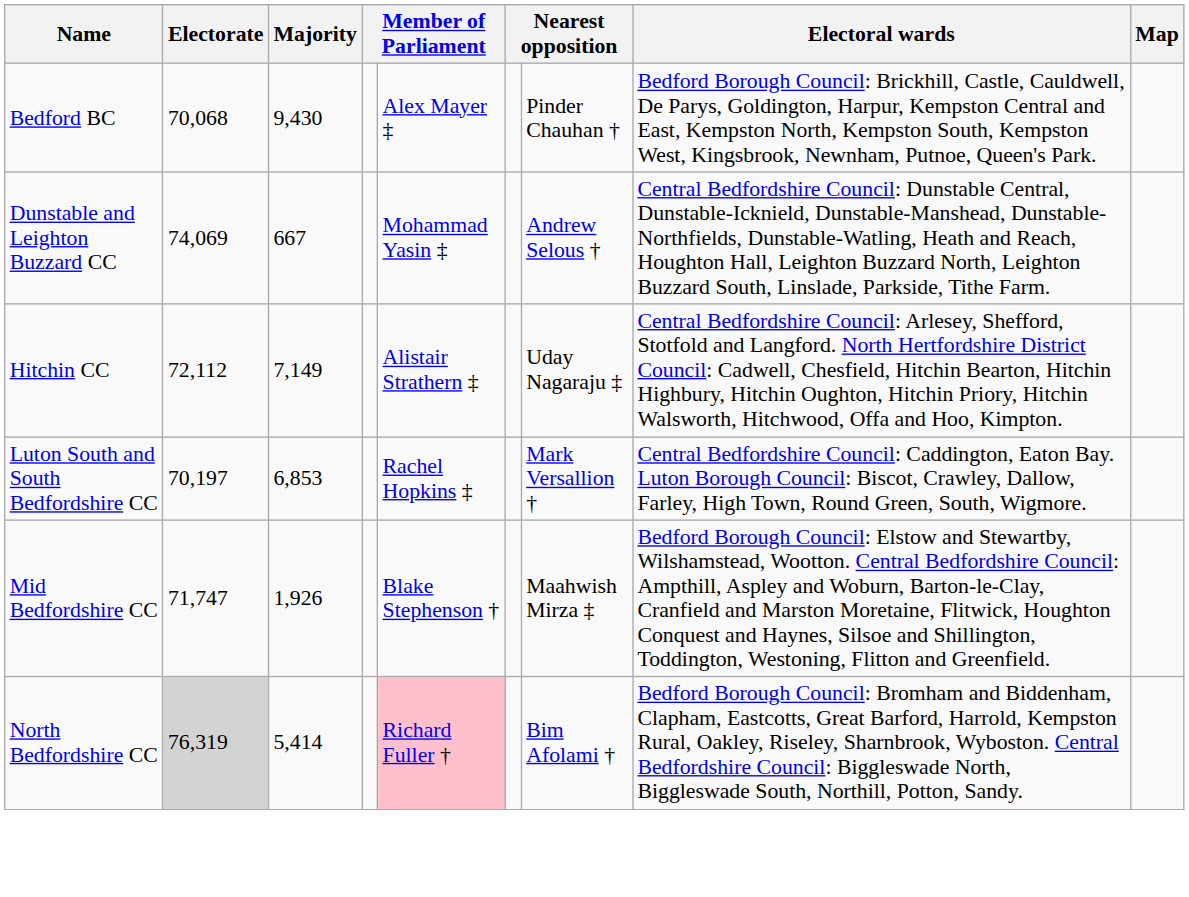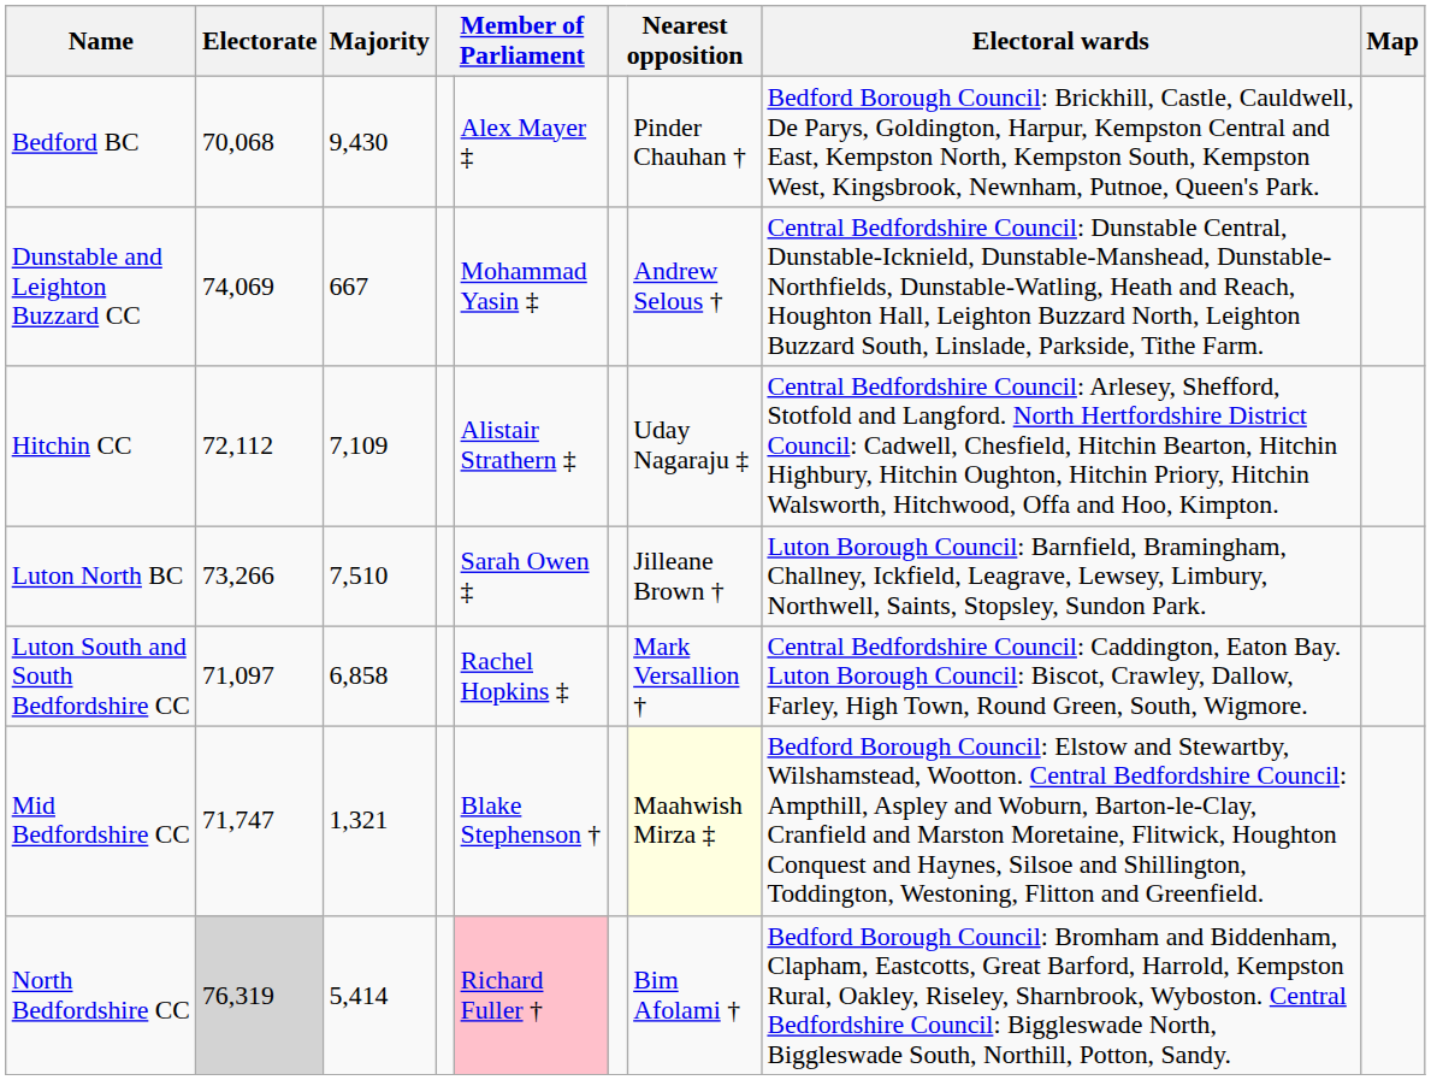 <table class="wikitable sortable">
 <tr>
 <th rowspan=1>Name</th>
 <th rowspan=1>Electorate</th>
 <th rowspan=1>Majority</th>
 <th colspan=2 class=unsortable><a href='#'>Member of Parliament</a></th>
 <th colspan=2 class=unsortable>Nearest opposition</th>
 <th rowspan=1 class=unsortable>Electoral wards</th>
 <th rowspan=1 class=unsortable>Map</th>
 </tr>
 <tr>
 <td><a href='#'>Bedford</a> BC</td>
 <td>70,068</td>
 <td>9,430</td>
 <td style="color:inherit;background:"> </td>
 <td><a href='#'>Alex Mayer</a> ‡</td>
 <td style="color:inherit;background:"> </td>
 <td>Pinder Chauhan †</td>
 <td><a href='#'>Bedford Borough Council</a>: Brickhill, Castle, Cauldwell, De Parys, Goldington, Harpur, Kempston Central and East, Kempston North, Kempston South, Kempston West, Kingsbrook, Newnham, Putnoe, Queen's Park.</td>
 <td></td>
 </tr>
 <tr>
 <td><a href='#'>Dunstable and Leighton Buzzard</a> CC</td>
 <td>74,069</td>
 <td>667</td>
 <td style="color:inherit;background:"> </td>
 <td><a href='#'>Mohammad Yasin</a> ‡</td>
 <td style="color:inherit;background:"> </td>
 <td><a href='#'>Andrew Selous</a> †</td>
 <td><a href='#'>Central Bedfordshire Council</a>: Dunstable Central, Dunstable-Icknield, Dunstable-Manshead, Dunstable-Northfields, Dunstable-Watling, Heath and Reach, Houghton Hall, Leighton Buzzard North, Leighton Buzzard South, Linslade, Parkside, Tithe Farm.</td>
 <td></td>
 </tr>
 <tr>
 <td><a href='#'>Hitchin</a> CC</td>
 <td>72,112</td>
-<td>7,149</td>
+<td>7,109</td>
 <td style="color:inherit;background:"> </td>
 <td><a href='#'>Alistair Strathern</a> ‡</td>
 <td style="color:inherit;background:"> </td>
 <td>Uday Nagaraju ‡</td>
 <td><a href='#'>Central Bedfordshire Council</a>: Arlesey, Shefford, Stotfold and Langford. <a href='#'>North Hertfordshire District Council</a>: Cadwell, Chesfield, Hitchin Bearton, Hitchin Highbury, Hitchin Oughton, Hitchin Priory, Hitchin Walsworth, Hitchwood, Offa and Hoo, Kimpton.</td>
 <td></td>
 </tr>
 <tr>
+<td><a href='#'>Luton North</a> BC</td>
+<td>73,266</td>
+<td>7,510</td>
+<td style="color:inherit;background:"> </td>
+<td><a href='#'>Sarah Owen</a> ‡</td>
+<td style="color:inherit;background:"> </td>
+<td>Jilleane Brown †</td>
+<td><a href='#'>Luton Borough Council</a>: Barnfield, Bramingham, Challney, Ickfield, Leagrave, Lewsey, Limbury, Northwell, Saints, Stopsley, Sundon Park.</td>
+<td></td>
+</tr>
+<tr>
 <td><a href='#'>Luton South and South Bedfordshire</a> CC</td>
-<td>70,197</td>
-<td>6,853</td>
+<td>71,097</td>
+<td>6,858</td>
 <td style="color:inherit;background:"> </td>
 <td><a href='#'>Rachel Hopkins</a> ‡</td>
 <td style="color:inherit;background:"> </td>
 <td><a href='#'>Mark Versallion</a> †</td>
 <td><a href='#'>Central Bedfordshire Council</a>: Caddington, Eaton Bay. <a href='#'>Luton Borough Council</a>: Biscot, Crawley, Dallow, Farley, High Town, Round Green, South, Wigmore.</td>
 <td></td>
 </tr>
 <tr>
 <td><a href='#'>Mid Bedfordshire</a> CC</td>
 <td>71,747</td>
-<td>1,926</td>
+<td>1,321</td>
 <td style="color:inherit;background:"> </td>
 <td><a href='#'>Blake Stephenson</a> †</td>
 <td style="color:inherit;background:"> </td>
-<td>Maahwish Mirza	‡</td>
+<td style="background: lightyellow;">Maahwish Mirza	‡</td>
 <td><a href='#'>Bedford Borough Council</a>: Elstow and Stewartby, Wilshamstead, Wootton. <a href='#'>Central Bedfordshire Council</a>: Ampthill, Aspley and Woburn, Barton-le-Clay, Cranfield and Marston Moretaine, Flitwick, Houghton Conquest and Haynes, Silsoe and Shillington, Toddington, Westoning, Flitton and Greenfield.</td>
 <td></td>
 </tr>
 <tr>
 <td><a href='#'>North Bedfordshire</a> CC</td>
 <td style="background: lightgrey;">76,319</td>
 <td>5,414</td>
 <td style="color:inherit;background:"> </td>
 <td style="background: pink;"><a href='#'>Richard Fuller</a> †</td>
 <td style="color:inherit;background:"> </td>
 <td><a href='#'>Bim Afolami</a> †</td>
 <td><a href='#'>Bedford Borough Council</a>: Bromham and Biddenham, Clapham, Eastcotts, Great Barford, Harrold, Kempston Rural, Oakley, Riseley, Sharnbrook, Wyboston. <a href='#'>Central Bedfordshire Council</a>: Biggleswade North, Biggleswade South, Northill, Potton, Sandy.</td>
 <td></td>
 </tr>
 <tr>
 </tr>
 </table>
